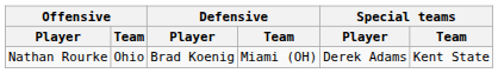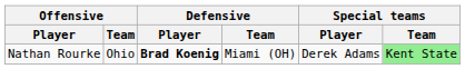 <table class="wikitable" style="display: inline-table;">
 <tr>
 <th colspan="2">Offensive</th>
 <th colspan="2">Defensive</th>
 <th colspan="2">Special teams</th>
 </tr>
 <tr>
 <th>Player</th>
 <th>Team</th>
 <th>Player</th>
 <th>Team</th>
 <th>Player</th>
 <th>Team</th>
 </tr>
 <tr>
 <td>Nathan Rourke</td>
 <td>Ohio</td>
-<td>Brad Koenig</td>
+<td><strong>Brad Koenig</strong></td>
 <td>Miami (OH)</td>
 <td>Derek Adams</td>
-<td>Kent State</td>
+<td style="background: lightgreen;">Kent State</td>
 </tr>
 </table>
